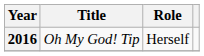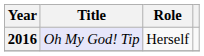 <table class="wikitable plainrowheaders">
 <tr>
 <th scope="col">Year</th>
 <th scope="col">Title</th>
 <th scope="col">Role</th>
 <th scope="col" class="unsortable"></th>
 </tr>
 <tr>
 <th scope="row">2016</th>
-<td><em>Oh My God! Tip</em></td>
+<td style="background: lavender;"><em>Oh My God! Tip</em></td>
 <td>Herself</td>
 <td style="text-align:center"></td>
 </tr>
 <tr>
 </tr>
 </table>
